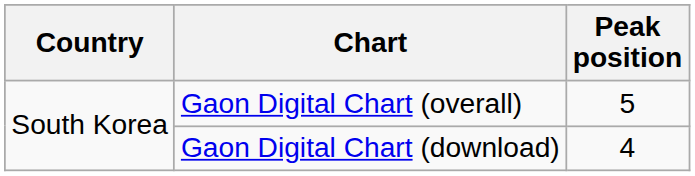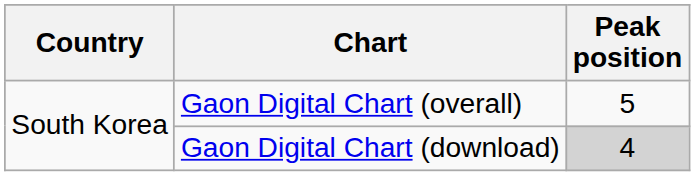 <table class="wikitable sortable">
 <tr>
 <th>Country</th>
 <th>Chart</th>
 <th>Peak<br>position</th>
 </tr>
 <tr>
 <td rowspan=2>South Korea</td>
 <td><a href='#'>Gaon Digital Chart</a> (overall)</td>
 <td align="center">5</td>
 </tr>
 <tr>
 <td><a href='#'>Gaon Digital Chart</a> (download)</td>
-<td align="center">4</td>
+<td align="center" style="background: lightgrey;">4</td>
 </tr>
 </table>
